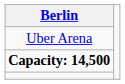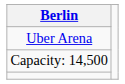 <table class="wikitable" style="margin:1em auto; text-align:center">
 <tr>
 <th><a href='#'>Berlin</a></th>
 <td rowspan=4></td>
 </tr>
 <tr>
 <td><a href='#'>Uber Arena</a></td>
 </tr>
 <tr>
-<td><strong>Capacity: 14,500</strong></td>
+<td>Capacity: 14,500</td>
 </tr>
 <tr>
 <td></td>
 </tr>
 </table>
